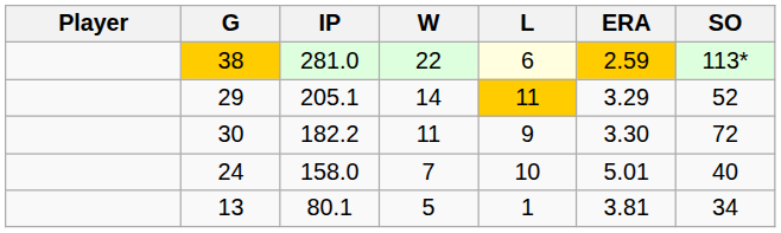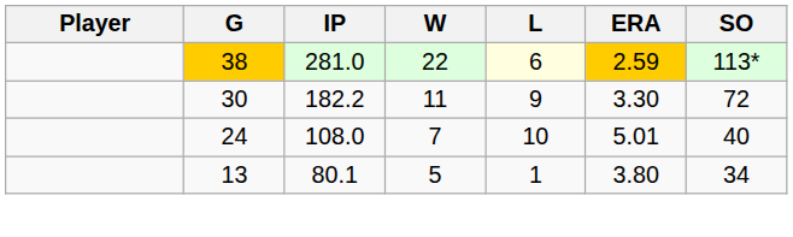 <table class="wikitable sortable">
 <tr>
 <th bgcolor="#DDDDFF" width="16%">Player</th>
 <th bgcolor="#DDDDFF" width="9%">G</th>
 <th bgcolor="#DDDDFF" width="9%">IP</th>
 <th bgcolor="#DDDDFF" width="9%">W</th>
 <th bgcolor="#DDDDFF" width="9%">L</th>
 <th bgcolor="#DDDDFF" width="9%">ERA</th>
 <th bgcolor="#DDDDFF" width="9%">SO</th>
 </tr>
 <tr align="center">
 <td></td>
 <td style="background:#fc0;">38</td>
 <td style="background:#DDFFDD;">281.0</td>
 <td style="background:#DDFFDD;">22</td>
 <td style="background: lightyellow;">6</td>
 <td style="background:#fc0;">2.59</td>
 <td style="background:#DDFFDD;">113*</td>
 </tr>
 <tr align="center">
 <td></td>
-<td>29</td>
-<td>205.1</td>
-<td>14</td>
-<td style="background:#fc0;">11</td>
-<td>3.29</td>
-<td>52</td>
-</tr>
-<tr align="center">
-<td></td>
 <td>30</td>
 <td>182.2</td>
 <td>11</td>
 <td>9</td>
 <td>3.30</td>
 <td>72</td>
 </tr>
 <tr align="center">
 <td></td>
 <td>24</td>
-<td>158.0</td>
+<td>108.0</td>
 <td>7</td>
 <td>10</td>
 <td>5.01</td>
 <td>40</td>
 </tr>
 <tr align="center">
 <td></td>
 <td>13</td>
 <td>80.1</td>
 <td>5</td>
 <td>1</td>
-<td>3.81</td>
+<td>3.80</td>
 <td>34</td>
 </tr>
 </table>
